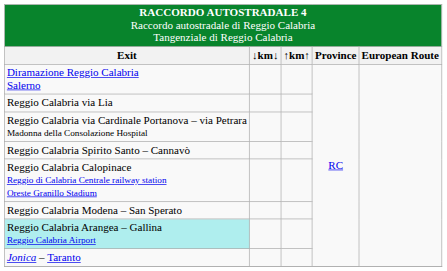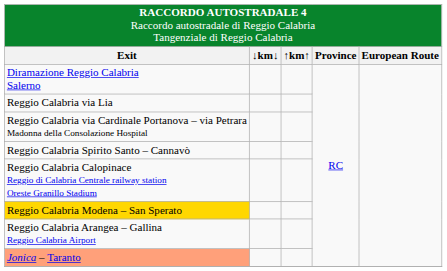 <table class="wikitable" border="1">
 <tr align="center" bgcolor="08842C" style="color: white;font-size:100%;">
 <td colspan="6"><strong> RACCORDO AUTOSTRADALE 4</strong><br>Raccordo autostradale di Reggio Calabria<br>Tangenziale di Reggio Calabria</td>
 </tr>
 <tr>
 <th style="text-align:center;"><strong>Exit</strong></th>
 <th style="text-align:center;"><strong>↓km↓</strong></th>
 <th style="text-align:center;"><strong>↑km↑</strong></th>
 <th align="center"><strong>Province</strong></th>
 <th align="center"><strong>European Route</strong></th>
 </tr>
 <tr>
 <td>  <a href='#'>Diramazione Reggio Calabria</a><br>  <a href='#'>Salerno</a></td>
 <td></td>
 <td></td>
 <td rowspan="8" align="center"><a href='#'>RC</a></td>
 <td rowspan="8" align="center"></td>
 </tr>
 <tr>
 <td> Reggio Calabria via Lia</td>
 <td></td>
 <td></td>
 </tr>
 <tr>
 <td> Reggio Calabria via Cardinale Portanova – via Petrara<br><small> Madonna della Consolazione Hospital</small></td>
 <td></td>
 <td></td>
 </tr>
 <tr>
 <td> Reggio Calabria Spirito Santo – Cannavò</td>
 <td></td>
 <td></td>
 </tr>
 <tr>
 <td> Reggio Calabria Calopinace<br><small> <a href='#'>Reggio di Calabria Centrale railway station</a></small><br><small> <a href='#'>Oreste Granillo Stadium</a></small></td>
 <td></td>
 <td></td>
 </tr>
 <tr>
-<td> Reggio Calabria Modena – San Sperato</td>
+<td style="background: gold;"> Reggio Calabria Modena – San Sperato</td>
 <td></td>
 <td></td>
 </tr>
 <tr>
-<td style="background: paleturquoise;"> Reggio Calabria Arangea – Gallina<br><small> <a href='#'>Reggio Calabria Airport</a></small></td>
+<td> Reggio Calabria Arangea – Gallina<br><small> <a href='#'>Reggio Calabria Airport</a></small></td>
 <td></td>
 <td></td>
 </tr>
 <tr>
-<td>    <em><a href='#'>Jonica</a></em> – <a href='#'>Taranto</a></td>
+<td style="background: lightsalmon;">    <em><a href='#'>Jonica</a></em> – <a href='#'>Taranto</a></td>
 <td></td>
 <td></td>
 </tr>
 <tr>
 </tr>
 </table>
